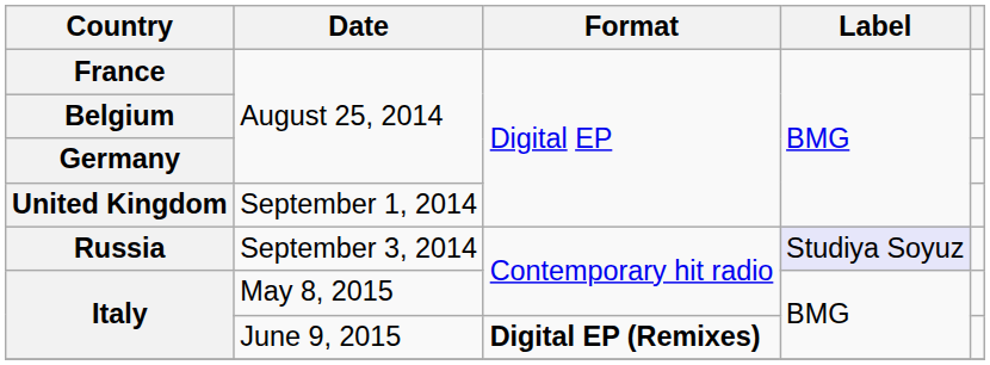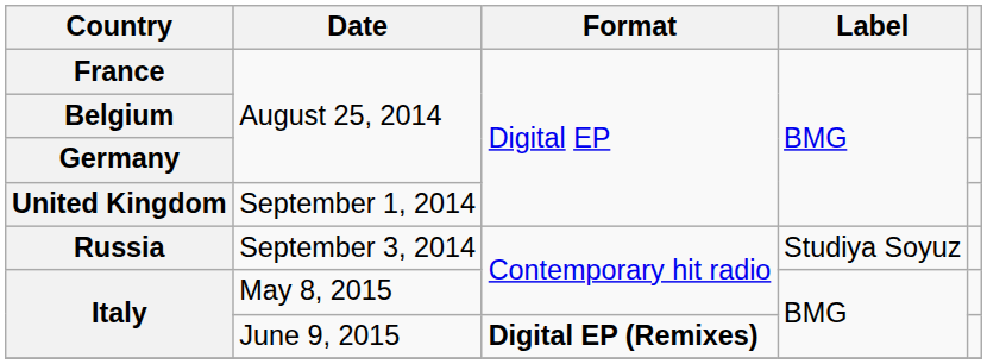 <table class="wikitable plainrowheaders">
 <tr>
 <th scope="col">Country</th>
 <th scope="col">Date</th>
 <th scope="col">Format</th>
 <th scope="col">Label</th>
 <th scope="col"></th>
 </tr>
 <tr>
 <th scope="row">France</th>
 <td rowspan="3">August 25, 2014</td>
 <td rowspan="4"><a href='#'>Digital</a> <a href='#'>EP</a></td>
 <td rowspan="4"><a href='#'>BMG</a></td>
 <td></td>
 </tr>
 <tr>
 <th scope="row">Belgium</th>
 <td></td>
 </tr>
 <tr>
 <th scope="row">Germany</th>
 <td></td>
 </tr>
 <tr>
 <th scope="row">United Kingdom</th>
 <td>September 1, 2014</td>
 <td></td>
 </tr>
 <tr>
 <th scope="row">Russia</th>
 <td>September 3, 2014</td>
 <td rowspan="2"><a href='#'>Contemporary hit radio</a></td>
-<td style="background: lavender;">Studiya Soyuz</td>
+<td>Studiya Soyuz</td>
 <td></td>
 </tr>
 <tr>
 <th scope="row" rowspan="2">Italy</th>
 <td>May 8, 2015</td>
 <td rowspan="2">BMG</td>
 <td></td>
 </tr>
 <tr>
 <td>June 9, 2015</td>
 <td><strong>Digital EP (Remixes)</strong></td>
 <td></td>
 </tr>
 <tr>
 </tr>
 </table>
